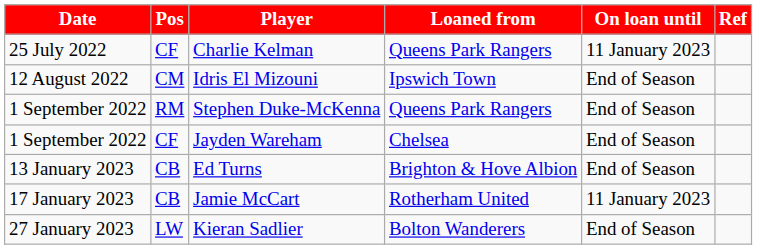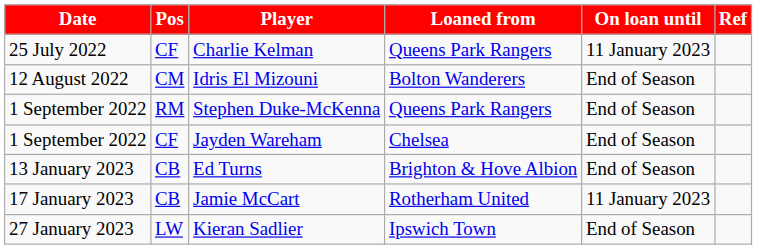 <table class="wikitable plainrowheaders sortable">
 <tr>
 <th style="background:#FF0000; color:#FFFFFF; ">Date</th>
 <th style="background:#FF0000; color:#FFFFFF; ">Pos</th>
 <th style="background:#FF0000; color:#FFFFFF; ">Player</th>
 <th style="background:#FF0000; color:#FFFFFF; ">Loaned from</th>
 <th style="background:#FF0000; color:#FFFFFF; ">On loan until</th>
 <th style="background:#FF0000; color:#FFFFFF; ">Ref</th>
 </tr>
 <tr>
 <td>25 July 2022</td>
 <td><a href='#'>CF</a></td>
 <td> <a href='#'>Charlie Kelman</a></td>
 <td> <a href='#'>Queens Park Rangers</a></td>
 <td>11 January 2023</td>
 <td></td>
 </tr>
 <tr>
 <td>12 August 2022</td>
 <td><a href='#'>CM</a></td>
 <td> <a href='#'>Idris El Mizouni</a></td>
-<td> <a href='#'>Ipswich Town</a></td>
+<td> <a href='#'>Bolton Wanderers</a></td>
 <td>End of Season</td>
 <td></td>
 </tr>
 <tr>
 <td>1 September 2022</td>
 <td><a href='#'>RM</a></td>
 <td> <a href='#'>Stephen Duke-McKenna</a></td>
 <td> <a href='#'>Queens Park Rangers</a></td>
 <td>End of Season</td>
 <td></td>
 </tr>
 <tr>
 <td>1 September 2022</td>
 <td><a href='#'>CF</a></td>
 <td> <a href='#'>Jayden Wareham</a></td>
 <td> <a href='#'>Chelsea</a></td>
 <td>End of Season</td>
 <td></td>
 </tr>
 <tr>
 <td>13 January 2023</td>
 <td><a href='#'>CB</a></td>
 <td> <a href='#'>Ed Turns</a></td>
 <td> <a href='#'>Brighton & Hove Albion</a></td>
 <td>End of Season</td>
 <td></td>
 </tr>
 <tr>
 <td>17 January 2023</td>
 <td><a href='#'>CB</a></td>
 <td> <a href='#'>Jamie McCart</a></td>
 <td> <a href='#'>Rotherham United</a></td>
 <td>11 January 2023</td>
 <td></td>
 </tr>
 <tr>
 <td>27 January 2023</td>
 <td><a href='#'>LW</a></td>
 <td> <a href='#'>Kieran Sadlier</a></td>
-<td> <a href='#'>Bolton Wanderers</a></td>
+<td> <a href='#'>Ipswich Town</a></td>
 <td>End of Season</td>
 <td></td>
 </tr>
 </table>
